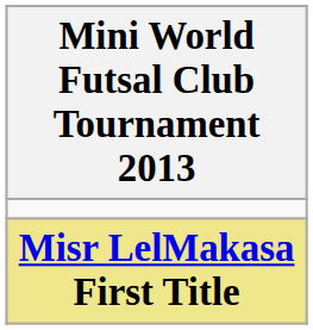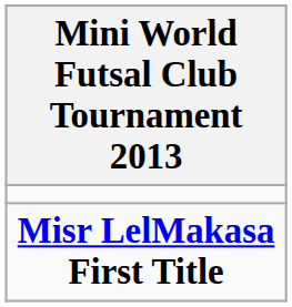 <table class="wikitable" style="text-align: center; margin: 0 auto; width: 20%">
 <tr>
 <th>Mini World Futsal Club Tournament <br>2013</th>
 </tr>
 <tr>
 <td></td>
 </tr>
 <tr>
-<td style="background: khaki;"><strong><a href='#'>Misr LelMakasa</a></strong><br><strong>First Title</strong></td>
+<td><strong><a href='#'>Misr LelMakasa</a></strong><br><strong>First Title</strong></td>
 </tr>
 </table>
